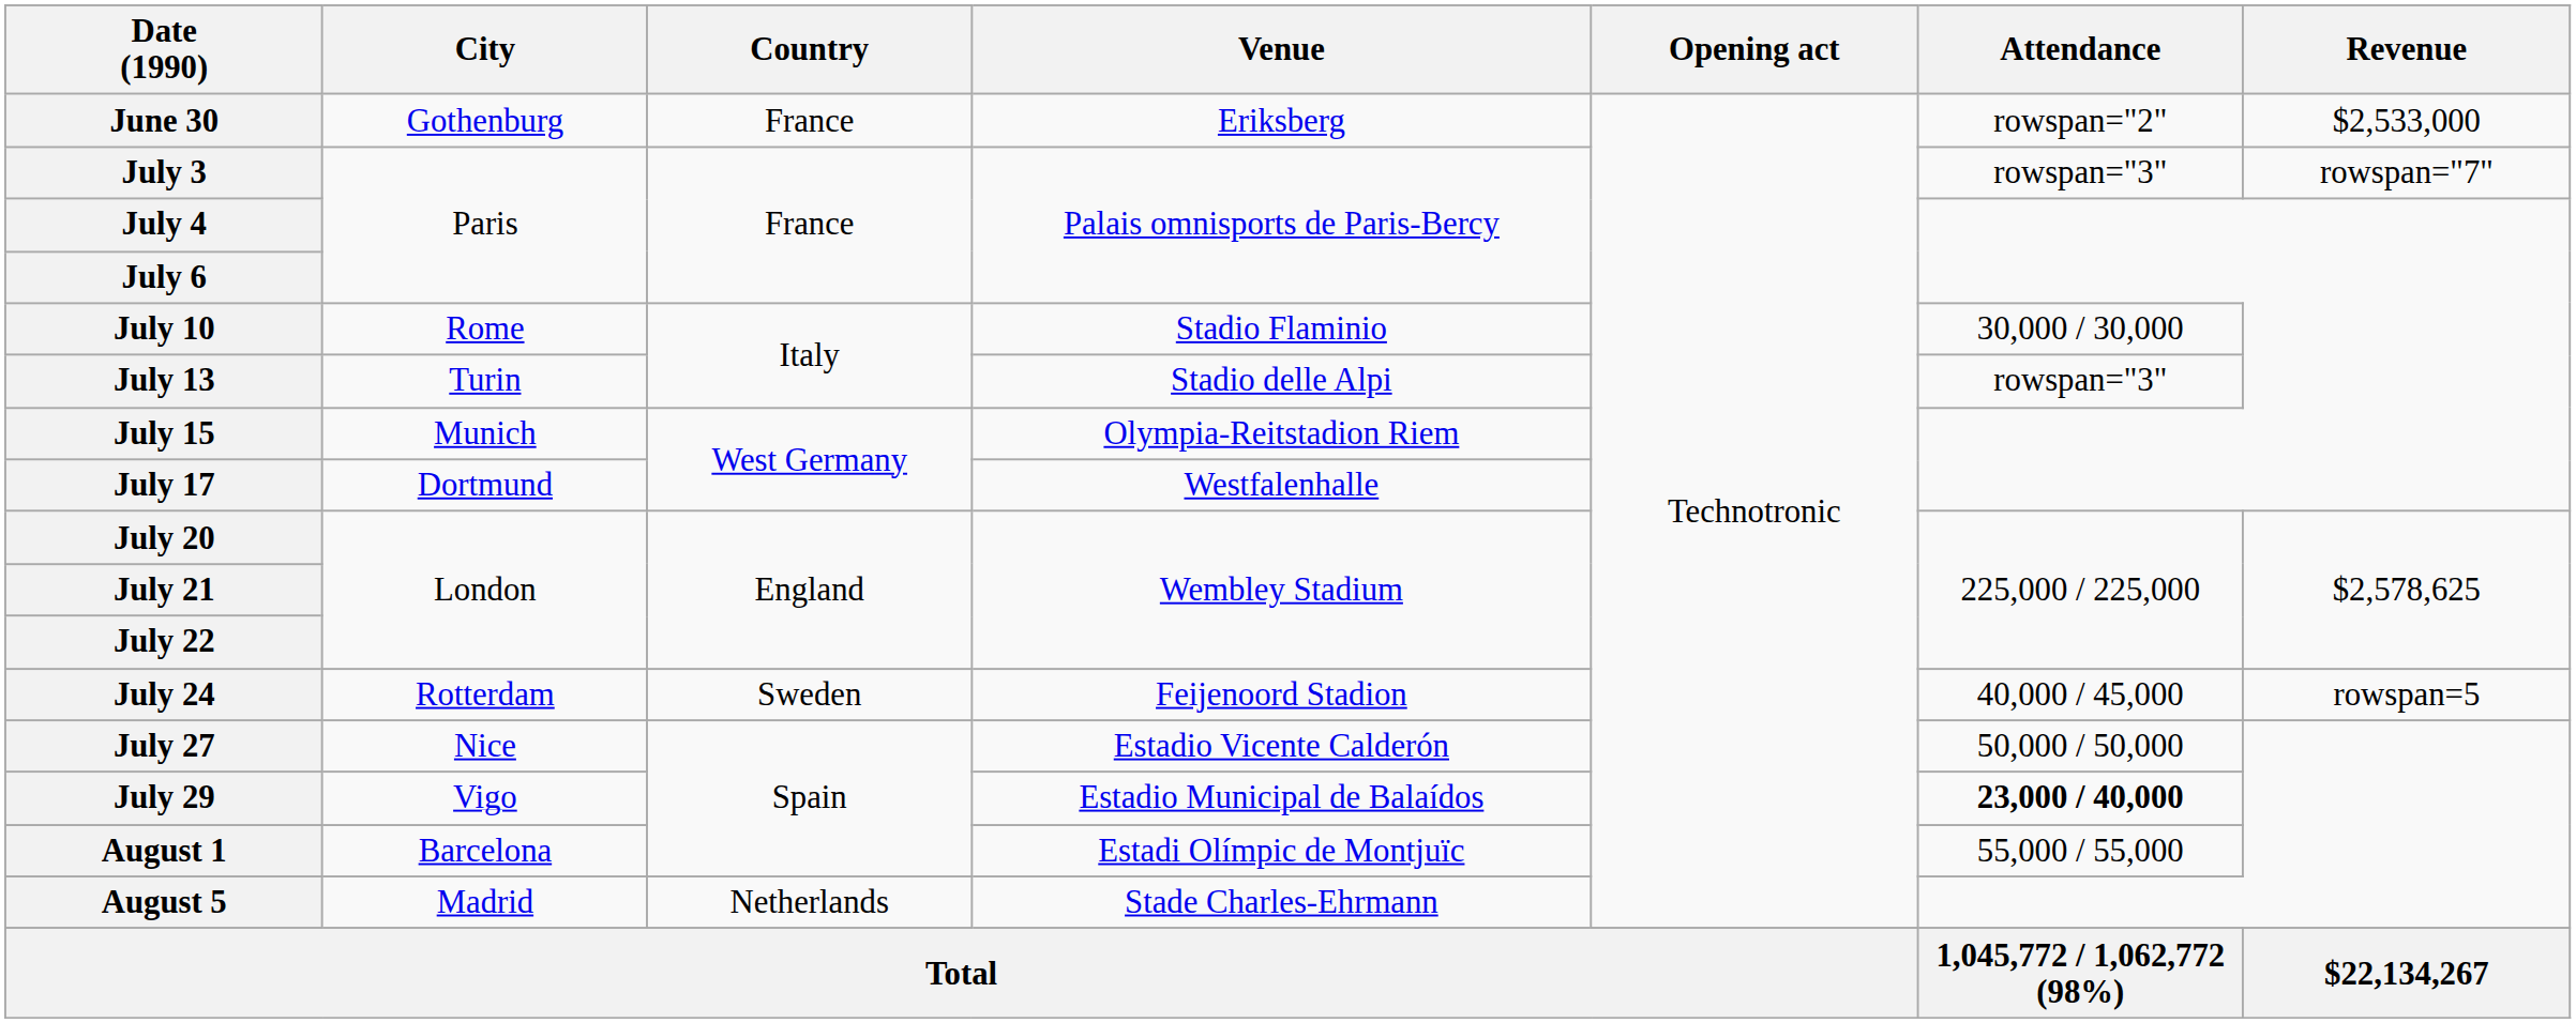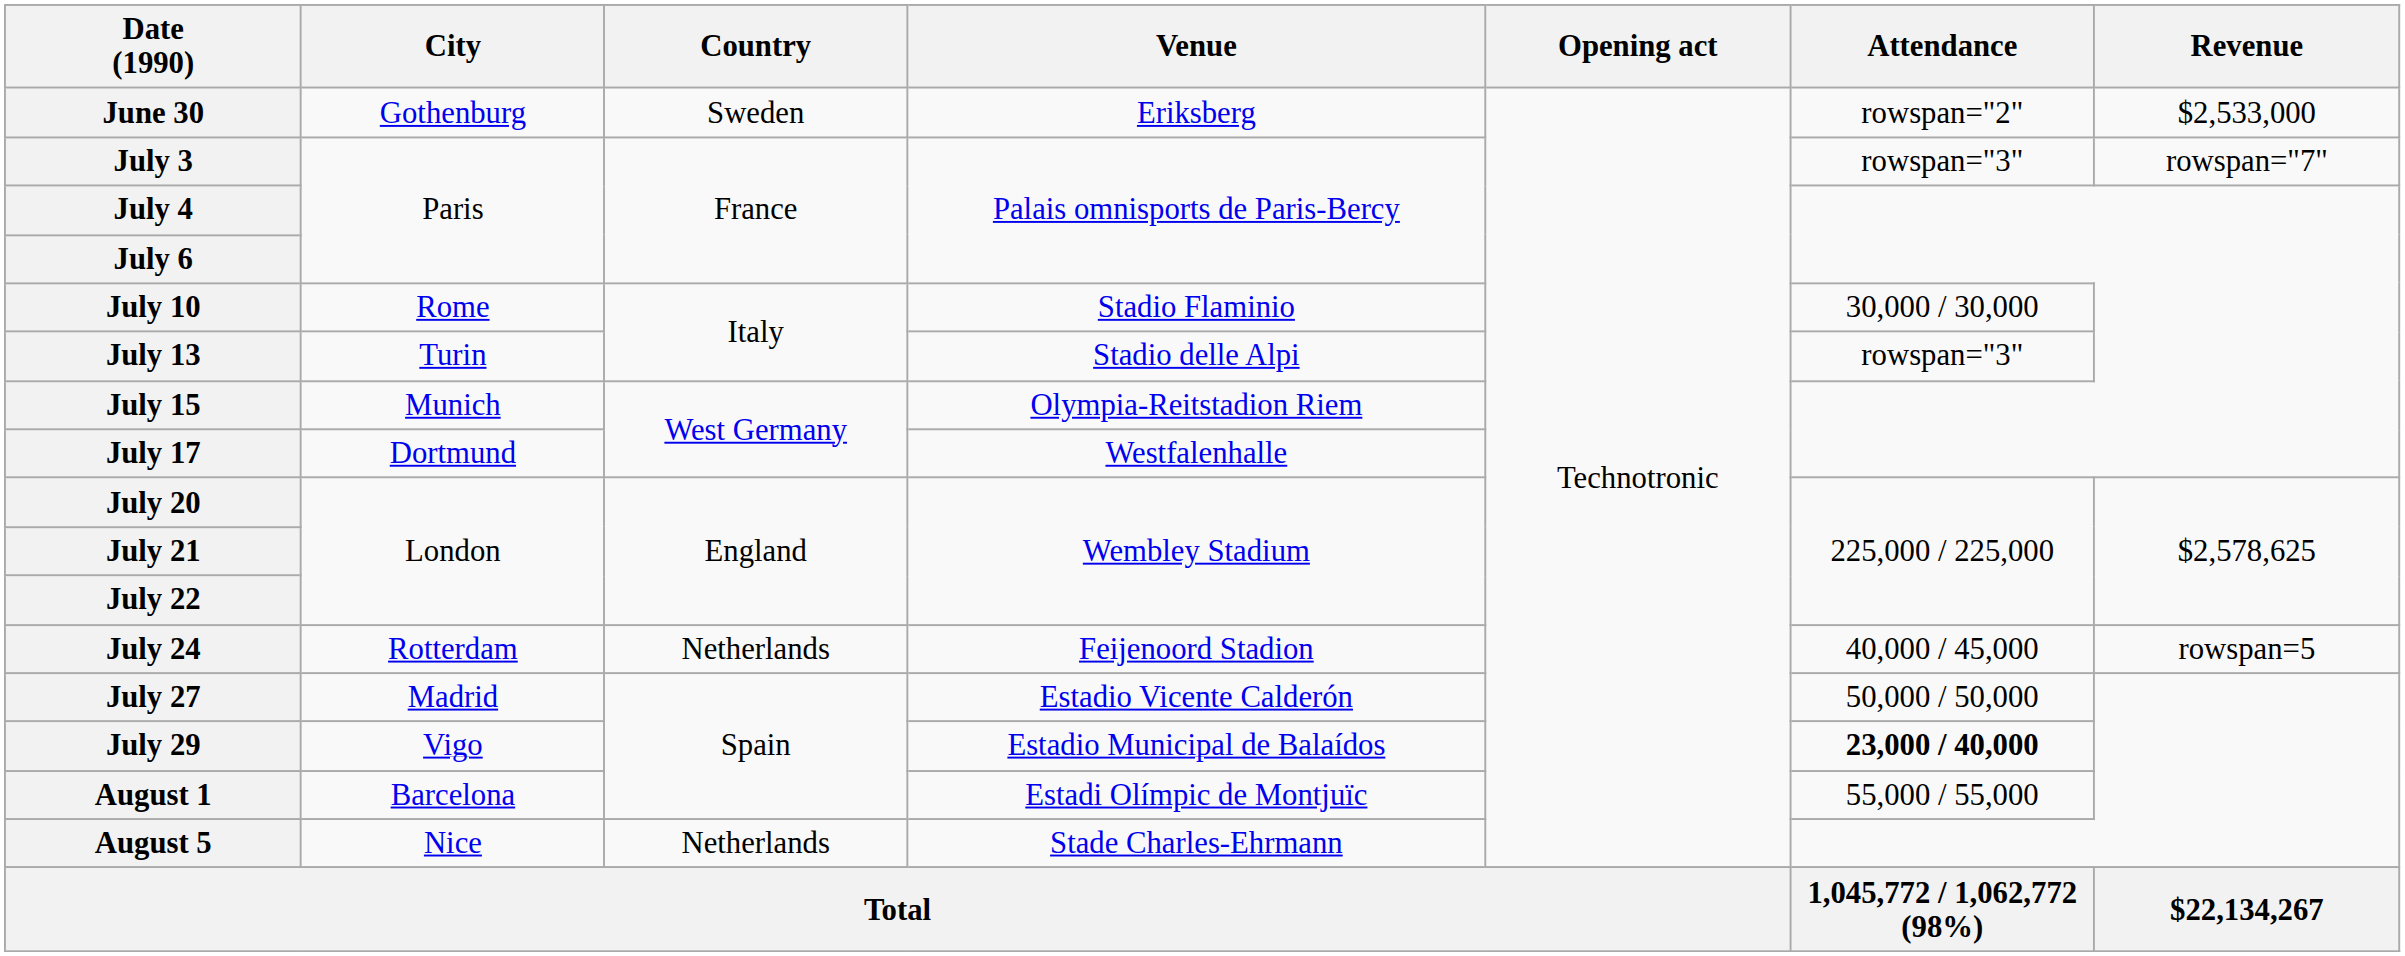 <table class="wikitable plainrowheaders" style="text-align:center;">
 <tr>
 <th scope="col" style="width:10em;">Date<br>(1990)</th>
 <th scope="col" style="width:10em;">City</th>
 <th scope="col" style="width:10em;">Country</th>
 <th scope="col" style="width:20em;">Venue</th>
 <th scope="col" style="width:10em;">Opening act</th>
 <th scope="col" style="width:10em;">Attendance</th>
 <th scope="col" style="width:10em;">Revenue</th>
 </tr>
 <tr>
 <th scope="row" style="text-align:center;">June 30</th>
 <td><a href='#'>Gothenburg</a></td>
-<td>France</td>
+<td>Sweden</td>
 <td><a href='#'>Eriksberg</a></td>
 <td rowspan=16>Technotronic</td>
 <td>rowspan="2" </td>
 <td>$2,533,000</td>
 </tr>
 <tr>
 <th scope="row" style="text-align:center;">July 3</th>
 <td rowspan=3>Paris</td>
 <td rowspan=3>France</td>
 <td rowspan=3><a href='#'>Palais omnisports de Paris-Bercy</a></td>
 <td>rowspan="3" </td>
 <td>rowspan="7" </td>
 </tr>
 <tr>
 <th scope="row" style="text-align:center;">July 4</th>
 </tr>
 <tr>
 <th scope="row" style="text-align:center;">July 6</th>
 </tr>
 <tr>
 <th scope="row" style="text-align:center;">July 10</th>
 <td><a href='#'>Rome</a></td>
 <td rowspan=2>Italy</td>
 <td><a href='#'>Stadio Flaminio</a></td>
 <td>30,000 / 30,000</td>
 </tr>
 <tr>
 <th scope="row" style="text-align:center;">July 13</th>
 <td><a href='#'>Turin</a></td>
 <td><a href='#'>Stadio delle Alpi</a></td>
 <td>rowspan="3" </td>
 </tr>
 <tr>
 <th scope="row" style="text-align:center;">July 15</th>
 <td><a href='#'>Munich</a></td>
 <td rowspan=2><a href='#'>West Germany</a></td>
 <td><a href='#'>Olympia-Reitstadion Riem</a></td>
 </tr>
 <tr>
 <th scope="row" style="text-align:center;">July 17</th>
 <td><a href='#'>Dortmund</a></td>
 <td><a href='#'>Westfalenhalle</a></td>
 </tr>
 <tr>
 <th scope="row" style="text-align:center;">July 20</th>
 <td rowspan=3>London</td>
 <td rowspan=3>England</td>
 <td rowspan=3><a href='#'>Wembley Stadium</a></td>
 <td rowspan=3>225,000 / 225,000</td>
 <td rowspan=3>$2,578,625</td>
 </tr>
 <tr>
 <th scope="row" style="text-align:center;">July 21</th>
 </tr>
 <tr>
 <th scope="row" style="text-align:center;">July 22</th>
 </tr>
 <tr>
 <th scope="row" style="text-align:center;">July 24</th>
 <td><a href='#'>Rotterdam</a></td>
-<td>Sweden</td>
+<td>Netherlands</td>
 <td><a href='#'>Feijenoord Stadion</a></td>
 <td>40,000 / 45,000</td>
 <td>rowspan=5 </td>
 </tr>
 <tr>
 <th scope="row" style="text-align:center;">July 27</th>
-<td><a href='#'>Nice</a></td>
+<td><a href='#'>Madrid</a></td>
 <td rowspan=3>Spain</td>
 <td><a href='#'>Estadio Vicente Calderón</a></td>
 <td>50,000 / 50,000</td>
 </tr>
 <tr>
 <th scope="row" style="text-align:center;">July 29</th>
 <td><a href='#'>Vigo</a></td>
 <td><a href='#'>Estadio Municipal de Balaídos</a></td>
 <td><strong>23,000 / 40,000</strong></td>
 </tr>
 <tr>
 <th scope="row" style="text-align:center;">August 1</th>
 <td><a href='#'>Barcelona</a></td>
 <td><a href='#'>Estadi Olímpic de Montjuïc</a></td>
 <td>55,000 / 55,000</td>
 </tr>
 <tr>
 <th scope="row" style="text-align:center;">August 5</th>
-<td><a href='#'>Madrid</a></td>
+<td><a href='#'>Nice</a></td>
 <td>Netherlands</td>
 <td><a href='#'>Stade Charles-Ehrmann</a></td>
 </tr>
 <tr>
 <th colspan="5">Total</th>
 <th scope="row" style="text-align:center;"><strong>1,045,772 / 1,062,772 (98%)</strong></th>
 <th scope="row" style="text-align:center;"><strong>$22,134,267</strong></th>
 </tr>
 <tr>
 </tr>
 </table>
